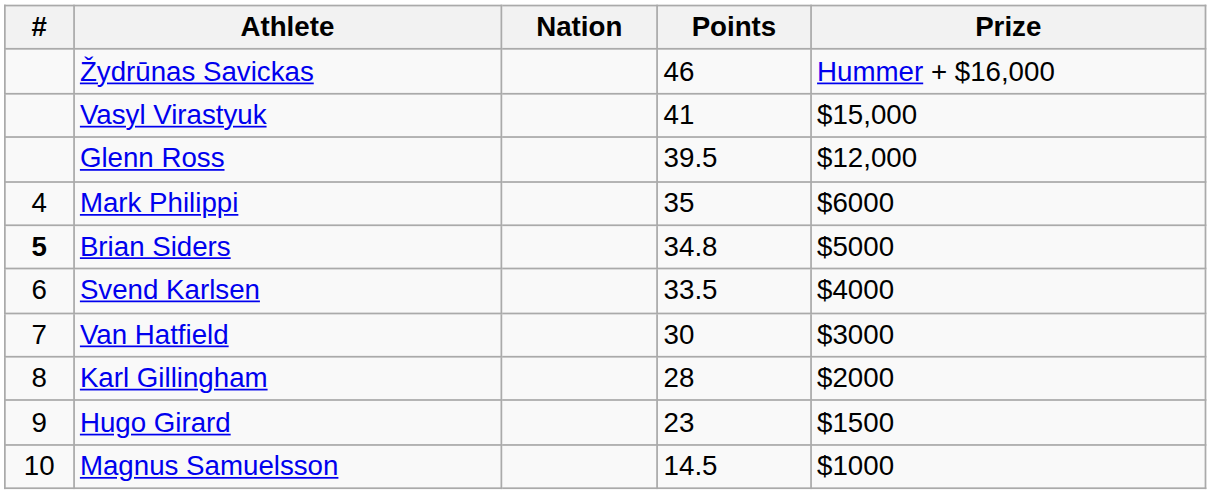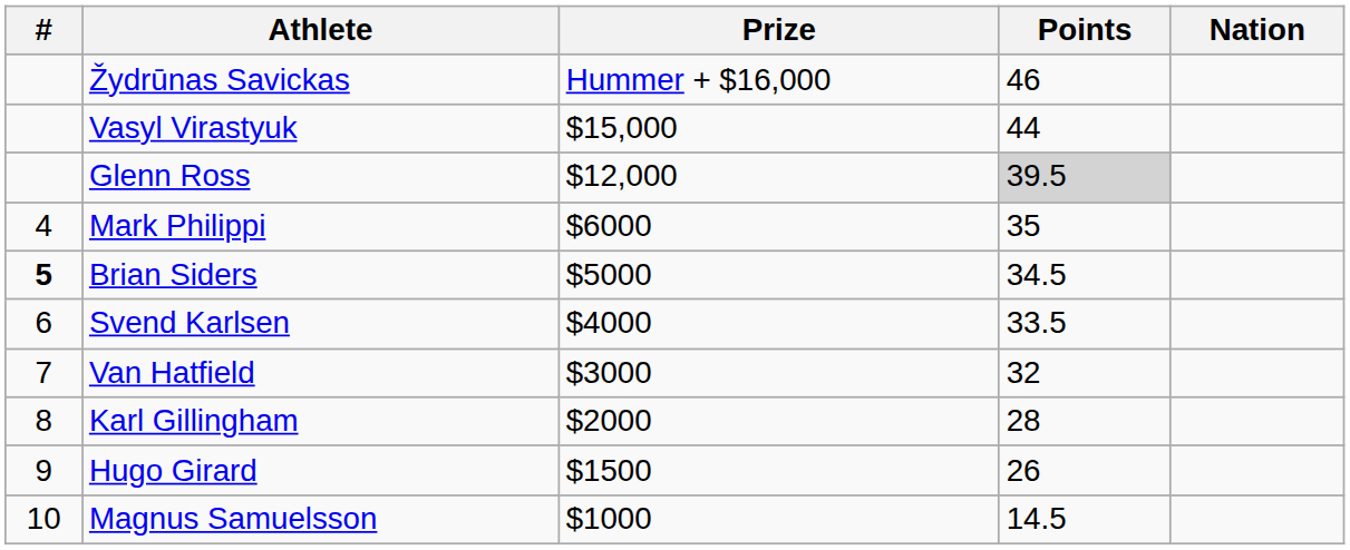 <table class="wikitable" style="display: inline-table;width: 55%;">
 <tr>
 <th scope="col">#</th>
 <th scope="col">Athlete</th>
+<th scope="col">Prize</th>
+<th scope="col">Points</th>
 <th scope="col">Nation</th>
-<th scope="col">Points</th>
-<th scope="col">Prize</th>
 </tr>
 <tr>
 <td align="center"></td>
 <td><a href='#'>Žydrūnas Savickas</a></td>
+<td><a href='#'>Hummer</a> + $16,000</td>
+<td>46</td>
 <td></td>
-<td>46</td>
-<td><a href='#'>Hummer</a> + $16,000</td>
 </tr>
 <tr>
 <td align="center"></td>
 <td><a href='#'>Vasyl Virastyuk</a></td>
+<td>$15,000</td>
+<td>44</td>
 <td></td>
-<td>41</td>
-<td>$15,000</td>
 </tr>
 <tr>
 <td align="center"></td>
 <td><a href='#'>Glenn Ross</a></td>
+<td>$12,000</td>
+<td style="background: lightgrey;">39.5</td>
 <td></td>
-<td>39.5</td>
-<td>$12,000</td>
 </tr>
 <tr>
 <td align="center">4</td>
 <td><a href='#'>Mark Philippi</a></td>
+<td>$6000</td>
+<td>35</td>
 <td></td>
-<td>35</td>
-<td>$6000</td>
 </tr>
 <tr>
 <td align="center"><strong>5</strong></td>
 <td><a href='#'>Brian Siders</a></td>
+<td>$5000</td>
+<td>34.5</td>
 <td></td>
-<td>34.8</td>
-<td>$5000</td>
 </tr>
 <tr>
 <td align="center">6</td>
 <td><a href='#'>Svend Karlsen</a></td>
+<td>$4000</td>
+<td>33.5</td>
 <td></td>
-<td>33.5</td>
-<td>$4000</td>
 </tr>
 <tr>
 <td align="center">7</td>
 <td><a href='#'>Van Hatfield</a></td>
+<td>$3000</td>
+<td>32</td>
 <td></td>
-<td>30</td>
-<td>$3000</td>
 </tr>
 <tr>
 <td align="center">8</td>
 <td><a href='#'>Karl Gillingham</a></td>
+<td>$2000</td>
+<td>28</td>
 <td></td>
-<td>28</td>
-<td>$2000</td>
 </tr>
 <tr>
 <td align="center">9</td>
 <td><a href='#'>Hugo Girard</a></td>
+<td>$1500</td>
+<td>26</td>
 <td></td>
-<td>23</td>
-<td>$1500</td>
 </tr>
 <tr>
 <td align="center">10</td>
 <td><a href='#'>Magnus Samuelsson</a></td>
+<td>$1000</td>
+<td>14.5</td>
 <td></td>
-<td>14.5</td>
-<td>$1000</td>
 </tr>
 </table>
